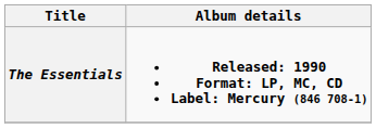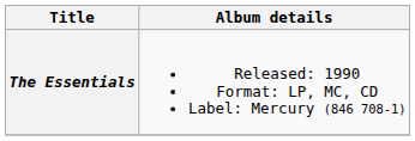 <table class="wikitable plainrowheaders" style="text-align:center;" border="1">
 <tr>
 <th>Title</th>
 <th>Album details</th>
 </tr>
 <tr>
 <th scope="row"><em>The Essentials</em></th>
-<td><strong><br><ul><li>Released: 1990</li><li>Format: LP, MC, CD</li><li>Label: Mercury <small>(846 708-1)</small></li></ul></strong></td>
+<td><br><ul><li>Released: 1990</li><li>Format: LP, MC, CD</li><li>Label: Mercury <small>(846 708-1)</small></li></ul></td>
 </tr>
 <tr>
 </tr>
 </table>
